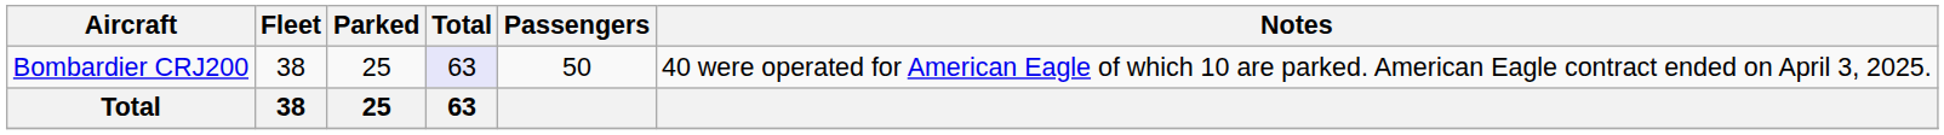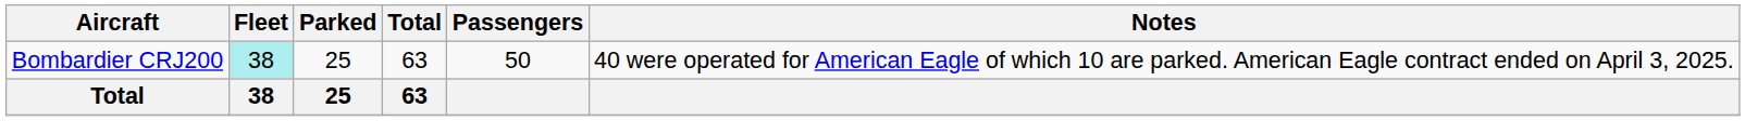 <table class="wikitable" style="margin:1em auto; text-align:center;">
 <tr style="background:white;">
 <th>Aircraft</th>
 <th>Fleet</th>
 <th>Parked</th>
 <th>Total</th>
 <th>Passengers</th>
 <th>Notes</th>
 </tr>
 <tr>
 <td><a href='#'>Bombardier CRJ200</a></td>
-<td>38</td>
+<td style="background: paleturquoise;">38</td>
 <td>25</td>
-<td style="background: lavender;">63</td>
+<td>63</td>
 <td>50</td>
 <td>40 were operated for <a href='#'>American Eagle</a> of which 10 are parked. American Eagle contract ended on April 3, 2025.</td>
 </tr>
 <tr>
 <th>Total</th>
 <th>38</th>
 <th>25</th>
 <th>63</th>
 <th></th>
 <th></th>
 </tr>
 <tr>
 </tr>
 </table>
